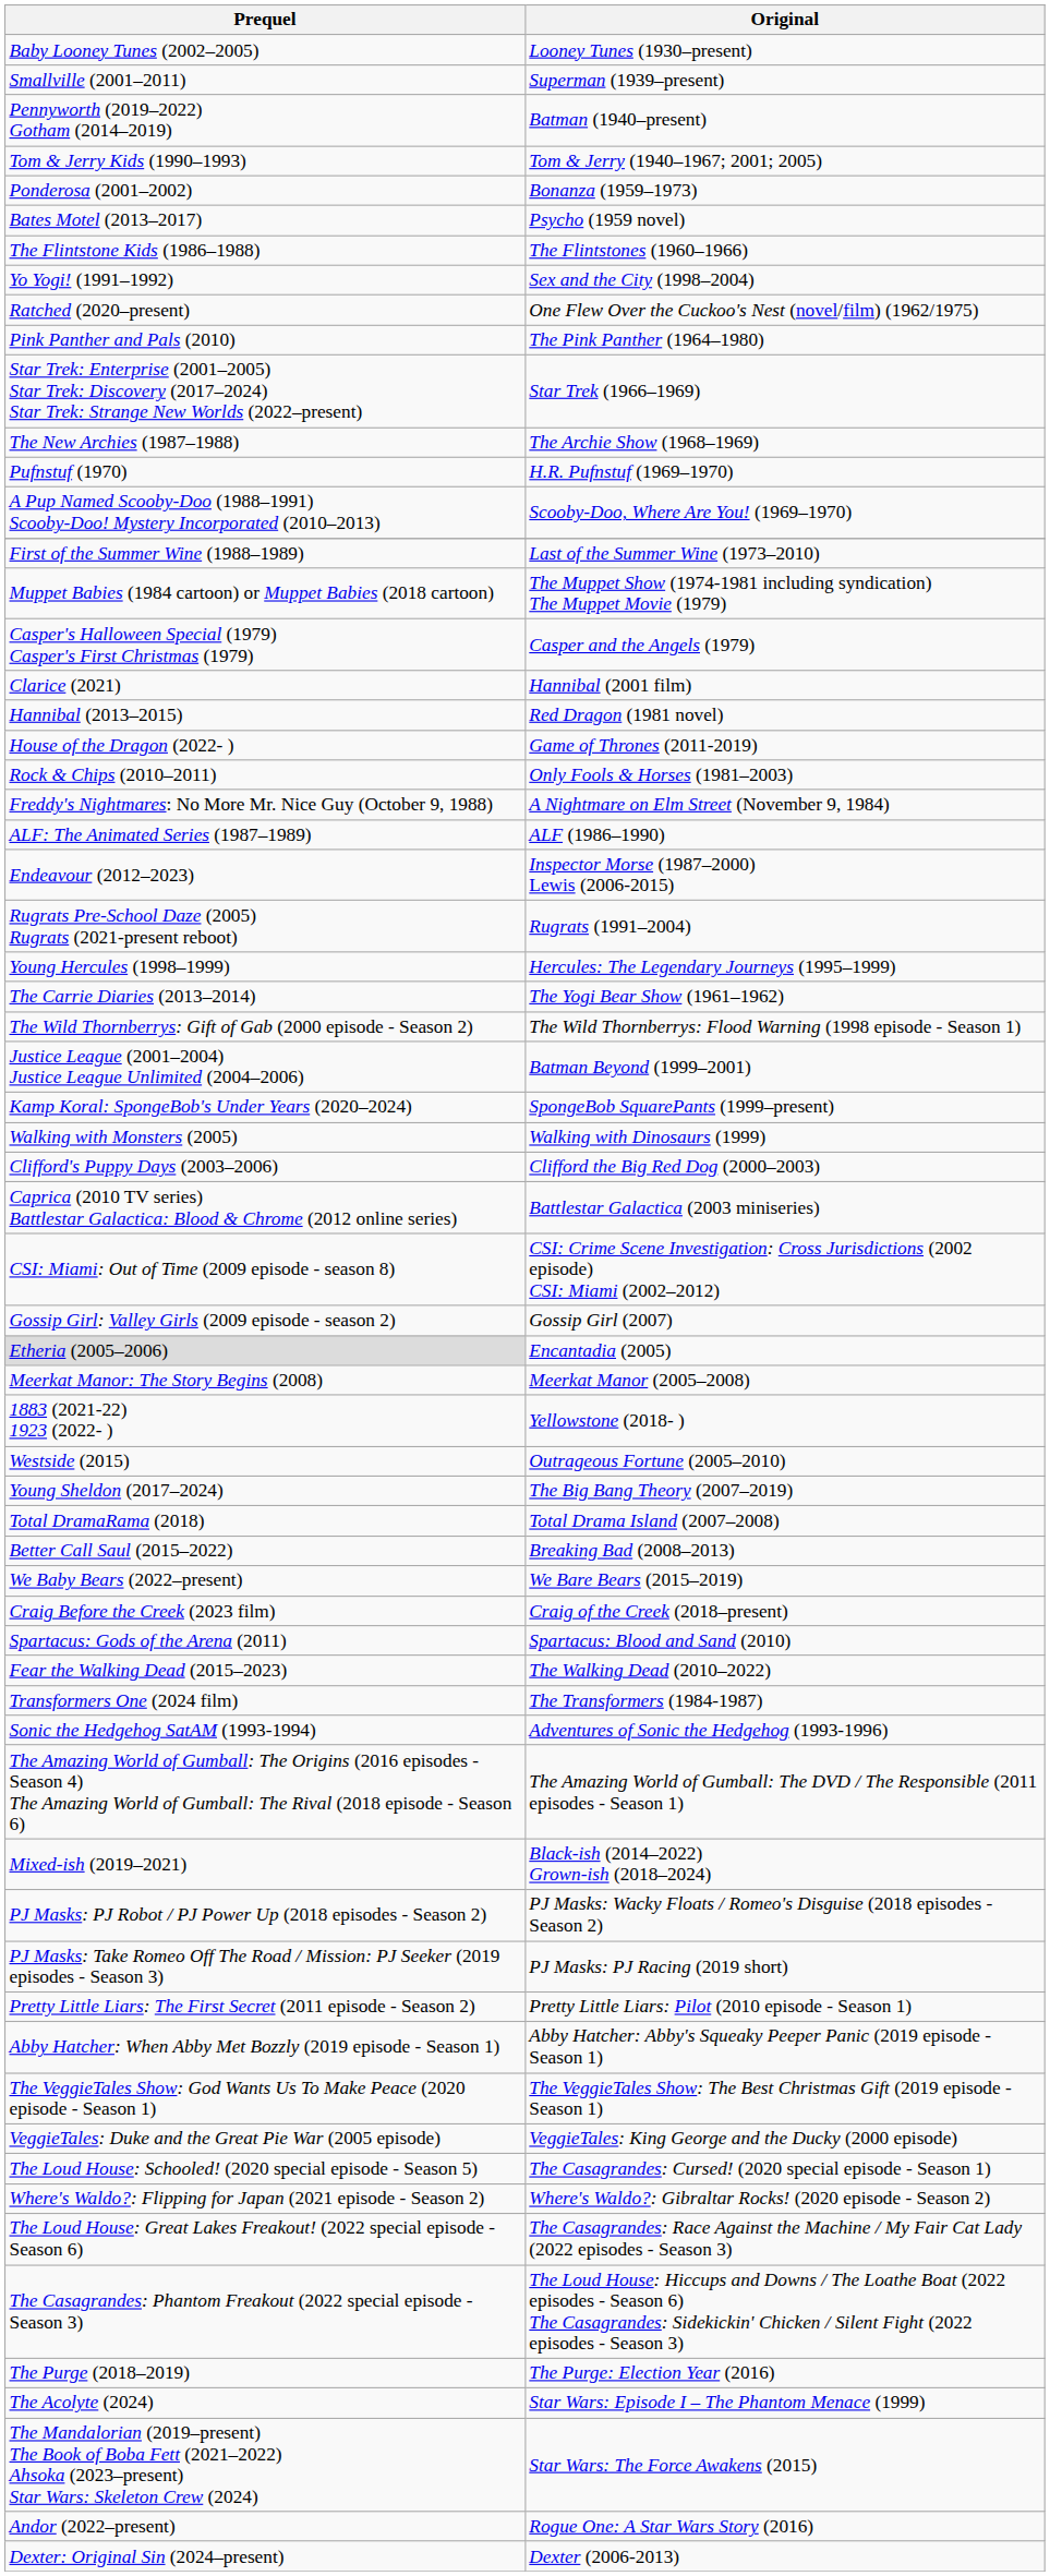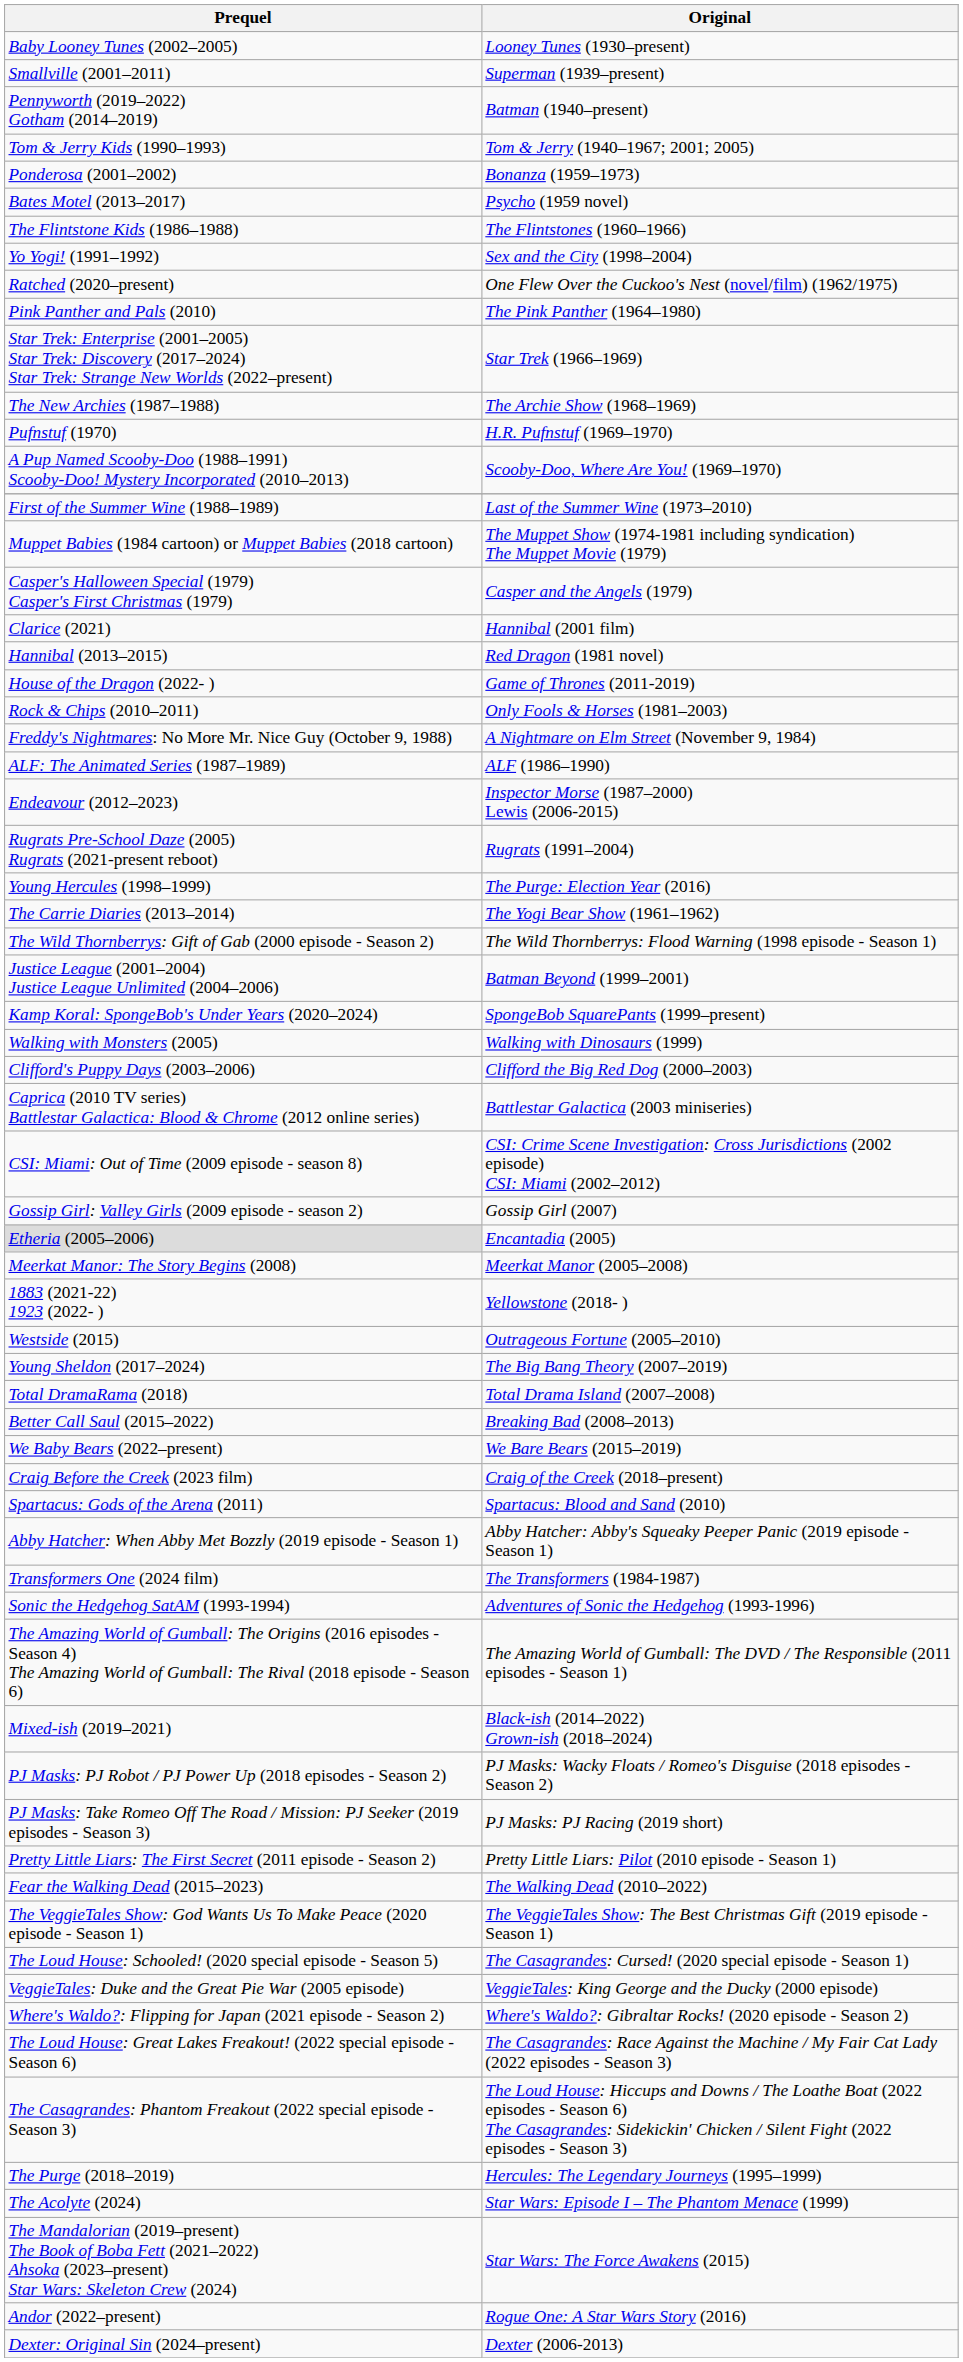 <table class="wikitable sortable" style="width:100%;">
 <tr>
 <th width="50%">Prequel</th>
 <th>Original</th>
 </tr>
 <tr>
 <td><em><a href='#'>Baby Looney Tunes</a></em> (2002–2005)</td>
 <td><em><a href='#'>Looney Tunes</a></em> (1930–present)</td>
 </tr>
 <tr>
 <td><em><a href='#'>Smallville</a></em> (2001–2011)</td>
 <td><em><a href='#'>Superman</a></em> (1939–present)</td>
 </tr>
 <tr>
 <td><em><a href='#'>Pennyworth</a></em> (2019–2022)  <br> <em><a href='#'>Gotham</a></em> (2014–2019)</td>
 <td><em><a href='#'>Batman</a></em> (1940–present)</td>
 </tr>
 <tr>
 <td><em><a href='#'>Tom & Jerry Kids</a></em> (1990–1993)</td>
 <td><em><a href='#'>Tom & Jerry</a></em> (1940–1967; 2001; 2005)</td>
 </tr>
 <tr>
 <td><em><a href='#'>Ponderosa</a></em> (2001–2002)</td>
 <td><em><a href='#'>Bonanza</a></em> (1959–1973)</td>
 </tr>
 <tr>
 <td><em><a href='#'>Bates Motel</a></em> (2013–2017)</td>
 <td><em><a href='#'>Psycho</a></em> (1959 novel)</td>
 </tr>
 <tr>
 <td><em><a href='#'>The Flintstone Kids</a></em> (1986–1988)</td>
 <td><em><a href='#'>The Flintstones</a></em> (1960–1966)</td>
 </tr>
 <tr>
 <td><em><a href='#'>Yo Yogi!</a></em> (1991–1992)</td>
 <td><em><a href='#'>Sex and the City</a></em> (1998–2004)</td>
 </tr>
 <tr>
 <td><em><a href='#'>Ratched</a></em> (2020–present)</td>
 <td><em>One Flew Over the Cuckoo's Nest</em> (<a href='#'>novel</a>/<a href='#'>film</a>) (1962/1975)</td>
 </tr>
 <tr>
 <td><em><a href='#'>Pink Panther and Pals</a></em> (2010)</td>
 <td><em><a href='#'>The Pink Panther</a></em> (1964–1980)</td>
 </tr>
 <tr>
 <td><em><a href='#'>Star Trek: Enterprise</a></em> (2001–2005) <br> <em><a href='#'>Star Trek: Discovery</a></em> (2017–2024) <br> <em><a href='#'>Star Trek: Strange New Worlds</a></em> (2022–present)</td>
 <td><em><a href='#'>Star Trek</a></em> (1966–1969)</td>
 </tr>
 <tr>
 <td><em><a href='#'>The New Archies</a></em> (1987–1988)</td>
 <td><em><a href='#'>The Archie Show</a></em> (1968–1969)</td>
 </tr>
 <tr>
 <td><em><a href='#'>Pufnstuf</a></em> (1970)</td>
 <td><em><a href='#'>H.R. Pufnstuf</a></em> (1969–1970)</td>
 </tr>
 <tr>
 <td><em><a href='#'>A Pup Named Scooby-Doo</a></em> (1988–1991) <br> <em><a href='#'>Scooby-Doo! Mystery Incorporated</a></em> (2010–2013)</td>
 <td><em><a href='#'>Scooby-Doo, Where Are You!</a></em> (1969–1970)</td>
 </tr>
 <tr |>
 </tr>
 <tr>
 <td><em><a href='#'>First of the Summer Wine</a></em> (1988–1989)</td>
 <td><em><a href='#'>Last of the Summer Wine</a></em> (1973–2010)</td>
 </tr>
 <tr>
 <td><em><a href='#'>Muppet Babies</a></em> (1984 cartoon) or <em><a href='#'>Muppet Babies</a></em> (2018 cartoon)</td>
 <td><em><a href='#'>The Muppet Show</a></em> (1974-1981 including syndication) <br> <em><a href='#'>The Muppet Movie</a></em> (1979)</td>
 </tr>
 <tr>
 <td><em><a href='#'>Casper's Halloween Special</a></em> (1979) <br> <em><a href='#'>Casper's First Christmas</a></em> (1979)</td>
 <td><em><a href='#'>Casper and the Angels</a></em> (1979)</td>
 </tr>
 <tr>
 <td><em><a href='#'>Clarice</a></em> (2021)</td>
 <td><em><a href='#'>Hannibal</a></em> (2001 film)</td>
 </tr>
 <tr>
 <td><em><a href='#'>Hannibal</a></em> (2013–2015)</td>
 <td><em><a href='#'>Red Dragon</a></em> (1981 novel)</td>
 </tr>
 <tr>
 <td><em><a href='#'>House of the Dragon</a></em> (2022- )</td>
 <td><em><a href='#'>Game of Thrones</a></em> (2011-2019)</td>
 </tr>
 <tr>
 <td><em><a href='#'>Rock & Chips</a></em> (2010–2011)</td>
 <td><em><a href='#'>Only Fools & Horses</a></em> (1981–2003)</td>
 </tr>
 <tr>
 <td><em><a href='#'>Freddy's Nightmares</a></em>: No More Mr. Nice Guy (October 9, 1988)</td>
 <td><em><a href='#'>A Nightmare on Elm Street</a></em> (November 9, 1984)</td>
 </tr>
 <tr>
 <td><em><a href='#'>ALF: The Animated Series</a></em> (1987–1989)</td>
 <td><em><a href='#'>ALF</a></em> (1986–1990)</td>
 </tr>
 <tr>
 <td><em><a href='#'>Endeavour</a></em> (2012–2023)</td>
 <td><em><a href='#'>Inspector Morse</a></em>  (1987–2000) <br> <a href='#'>Lewis</a> (2006-2015)</td>
 </tr>
 <tr>
 <td><em><a href='#'>Rugrats Pre-School Daze</a></em> (2005) <br> <em><a href='#'>Rugrats</a></em> (2021-present reboot)</td>
 <td><em><a href='#'>Rugrats</a></em> (1991–2004)</td>
 </tr>
 <tr>
 <td><em><a href='#'>Young Hercules</a></em> (1998–1999)</td>
-<td><em><a href='#'>Hercules: The Legendary Journeys</a></em> (1995–1999)</td>
+<td><em><a href='#'>The Purge: Election Year</a></em> (2016)</td>
 </tr>
 <tr>
 <td><em><a href='#'>The Carrie Diaries</a></em> (2013–2014)</td>
 <td><em><a href='#'>The Yogi Bear Show</a></em> (1961–1962)</td>
 </tr>
 <tr>
 <td><em><a href='#'>The Wild Thornberrys</a>: Gift of Gab</em> (2000 episode - Season 2)</td>
 <td><em>The Wild Thornberrys: Flood Warning</em> (1998 episode - Season 1)</td>
 </tr>
 <tr>
 <td><em><a href='#'>Justice League</a></em> (2001–2004) <br> <em><a href='#'>Justice League Unlimited</a></em> (2004–2006)</td>
 <td><em><a href='#'>Batman Beyond</a></em> (1999–2001)</td>
 </tr>
 <tr>
 <td><em><a href='#'>Kamp Koral: SpongeBob's Under Years</a></em> (2020–2024)</td>
 <td><em><a href='#'>SpongeBob SquarePants</a></em> (1999–present)</td>
 </tr>
 <tr>
 <td><em><a href='#'>Walking with Monsters</a></em> (2005)</td>
 <td><em><a href='#'>Walking with Dinosaurs</a></em> (1999)</td>
 </tr>
 <tr>
 <td><em><a href='#'>Clifford's Puppy Days</a></em> (2003–2006)</td>
 <td><em><a href='#'>Clifford the Big Red Dog</a></em> (2000–2003)</td>
 </tr>
 <tr>
 <td><em><a href='#'>Caprica</a></em> (2010 TV series)<br><em><a href='#'>Battlestar Galactica: Blood & Chrome</a></em> (2012 online series)</td>
 <td><em><a href='#'>Battlestar Galactica</a></em> (2003 miniseries)</td>
 </tr>
 <tr>
 <td><em><a href='#'>CSI: Miami</a>: Out of Time</em> (2009 episode - season 8)</td>
 <td><em><a href='#'>CSI: Crime Scene Investigation</a>: <a href='#'>Cross Jurisdictions</a></em> (2002 episode)<br><em><a href='#'>CSI: Miami</a></em> (2002–2012)</td>
 </tr>
 <tr>
 <td><em><a href='#'>Gossip Girl</a>: <a href='#'>Valley Girls</a></em> (2009 episode - season 2)</td>
 <td><em>Gossip Girl</em> (2007)</td>
 </tr>
 <tr>
 <td style="background-color:gainsboro"><em><a href='#'>Etheria</a></em> (2005–2006)</td>
 <td><em><a href='#'>Encantadia</a></em> (2005)</td>
 </tr>
 <tr>
 <td><em><a href='#'>Meerkat Manor: The Story Begins</a></em> (2008)</td>
 <td><em><a href='#'>Meerkat Manor</a></em> (2005–2008)</td>
 </tr>
 <tr>
 <td><em><a href='#'>1883</a></em> (2021-22)<br><em><a href='#'>1923</a></em> (2022- )</td>
 <td><em><a href='#'>Yellowstone</a></em> (2018- )</td>
 </tr>
 <tr>
 <td><em><a href='#'>Westside</a></em> (2015)</td>
 <td><em><a href='#'>Outrageous Fortune</a></em> (2005–2010)</td>
 </tr>
 <tr>
 <td><em><a href='#'>Young Sheldon</a></em> (2017–2024)</td>
 <td><em><a href='#'>The Big Bang Theory</a></em> (2007–2019)</td>
 </tr>
 <tr>
 <td><em><a href='#'>Total DramaRama</a></em> (2018)<br></td>
 <td><em><a href='#'>Total Drama Island</a></em> (2007–2008)</td>
 </tr>
 <tr>
 <td><em><a href='#'>Better Call Saul</a></em> (2015–2022)</td>
 <td><em><a href='#'>Breaking Bad</a></em> (2008–2013)</td>
 </tr>
 <tr>
 <td><em><a href='#'>We Baby Bears</a></em> (2022–present)</td>
 <td><em><a href='#'>We Bare Bears</a></em> (2015–2019)</td>
 </tr>
 <tr>
 <td><em><a href='#'>Craig Before the Creek</a></em> (2023 film)</td>
 <td><em><a href='#'>Craig of the Creek</a></em> (2018–present)</td>
 </tr>
 <tr>
 <td><em><a href='#'>Spartacus: Gods of the Arena</a></em> (2011)</td>
 <td><em><a href='#'>Spartacus: Blood and Sand</a></em> (2010)</td>
 </tr>
 <tr>
-<td><em><a href='#'>Fear the Walking Dead</a></em> (2015–2023)</td>
-<td><em><a href='#'>The Walking Dead</a></em> (2010–2022)</td>
+<td><em><a href='#'>Abby Hatcher</a>: When Abby Met Bozzly</em> (2019 episode - Season 1)</td>
+<td><em>Abby Hatcher: Abby's Squeaky Peeper Panic</em> (2019 episode - Season 1)</td>
 </tr>
 <tr>
 <td><em><a href='#'>Transformers One</a></em> (2024 film)</td>
 <td><em><a href='#'>The Transformers</a></em> (1984-1987)</td>
 </tr>
 <tr>
 <td><em><a href='#'>Sonic the Hedgehog SatAM</a></em> (1993-1994)</td>
 <td><em><a href='#'>Adventures of Sonic the Hedgehog</a></em> (1993-1996)</td>
 </tr>
 <tr>
 <td><em><a href='#'>The Amazing World of Gumball</a>: The Origins</em> (2016 episodes - Season 4) <br> <em>The Amazing World of Gumball: The Rival</em> (2018 episode - Season 6)</td>
 <td><em>The Amazing World of Gumball: The DVD / The Responsible</em> (2011 episodes - Season 1)</td>
 </tr>
 <tr>
 <td><em><a href='#'>Mixed-ish</a></em> (2019–2021)</td>
 <td><em><a href='#'>Black-ish</a></em> (2014–2022) <br> <em><a href='#'>Grown-ish</a></em> (2018–2024)</td>
 </tr>
 <tr>
 <td><em><a href='#'>PJ Masks</a>: PJ Robot / PJ Power Up</em> (2018 episodes - Season 2)</td>
 <td><em>PJ Masks: Wacky Floats / Romeo's Disguise</em> (2018 episodes - Season 2)</td>
 </tr>
 <tr>
 <td><em><a href='#'>PJ Masks</a>: Take Romeo Off The Road / Mission: PJ Seeker</em> (2019 episodes - Season 3)</td>
 <td><em>PJ Masks: PJ Racing</em> (2019 short)</td>
 </tr>
 <tr>
 <td><em><a href='#'>Pretty Little Liars</a>: <a href='#'>The First Secret</a></em> (2011 episode - Season 2)</td>
 <td><em>Pretty Little Liars: <a href='#'>Pilot</a></em> (2010 episode - Season 1)</td>
 </tr>
 <tr>
-<td><em><a href='#'>Abby Hatcher</a>: When Abby Met Bozzly</em> (2019 episode - Season 1)</td>
-<td><em>Abby Hatcher: Abby's Squeaky Peeper Panic</em> (2019 episode - Season 1)</td>
+<td><em><a href='#'>Fear the Walking Dead</a></em> (2015–2023)</td>
+<td><em><a href='#'>The Walking Dead</a></em> (2010–2022)</td>
 </tr>
 <tr>
 <td><em><a href='#'>The VeggieTales Show</a>: God Wants Us To Make Peace</em> (2020 episode - Season 1)</td>
 <td><em><a href='#'>The VeggieTales Show</a>: The Best Christmas Gift</em> (2019 episode - Season 1)</td>
 </tr>
 <tr>
+<td><em><a href='#'>The Loud House</a>: Schooled!</em> (2020 special episode - Season 5)</td>
+<td><em><a href='#'>The Casagrandes</a>: Cursed!</em> (2020 special episode - Season 1)</td>
+</tr>
+<tr>
 <td><em><a href='#'>VeggieTales</a>: Duke and the Great Pie War</em> (2005 episode)</td>
 <td><em><a href='#'>VeggieTales</a>: King George and the Ducky</em> (2000 episode)</td>
-</tr>
-<tr>
-<td><em><a href='#'>The Loud House</a>: Schooled!</em> (2020 special episode - Season 5)</td>
-<td><em><a href='#'>The Casagrandes</a>: Cursed!</em> (2020 special episode - Season 1)</td>
 </tr>
 <tr>
 <td><em><a href='#'>Where's Waldo?</a>: Flipping for Japan</em> (2021 episode - Season 2)</td>
 <td><em><a href='#'>Where's Waldo?</a>: Gibraltar Rocks!</em> (2020 episode - Season 2)</td>
 </tr>
 <tr>
 <td><em><a href='#'>The Loud House</a>: Great Lakes Freakout!</em> (2022 special episode - Season 6)</td>
 <td><em><a href='#'>The Casagrandes</a>: Race Against the Machine / My Fair Cat Lady</em> (2022 episodes - Season 3)</td>
 </tr>
 <tr>
 <td><em><a href='#'>The Casagrandes</a>: Phantom Freakout</em> (2022 special episode - Season 3)</td>
 <td><em><a href='#'>The Loud House</a>: Hiccups and Downs / The Loathe Boat</em> (2022 episodes - Season 6) <br> <em><a href='#'>The Casagrandes</a>: Sidekickin' Chicken / Silent Fight</em> (2022 episodes - Season 3)</td>
 </tr>
 <tr>
 <td><em><a href='#'>The Purge</a></em> (2018–2019)</td>
-<td><em><a href='#'>The Purge: Election Year</a></em> (2016)</td>
+<td><em><a href='#'>Hercules: The Legendary Journeys</a></em> (1995–1999)</td>
 </tr>
 <tr>
 <td><em><a href='#'>The Acolyte</a></em> (2024)</td>
 <td><em><a href='#'>Star Wars: Episode I – The Phantom Menace</a></em> (1999)</td>
 </tr>
 <tr>
 <td><em><a href='#'>The Mandalorian</a></em> (2019–present) <br> <em><a href='#'>The Book of Boba Fett</a></em> (2021–2022) <br> <em><a href='#'>Ahsoka</a></em> (2023–present) <br> <em><a href='#'>Star Wars: Skeleton Crew</a></em> (2024)</td>
 <td><em><a href='#'>Star Wars: The Force Awakens</a></em> (2015)</td>
 </tr>
 <tr>
 <td><em><a href='#'>Andor</a></em> (2022–present)</td>
 <td><em><a href='#'>Rogue One: A Star Wars Story</a></em> (2016)</td>
 </tr>
 <tr>
 <td><em><a href='#'>Dexter: Original Sin</a></em> (2024–present)</td>
 <td><em><a href='#'>Dexter</a></em> (2006-2013)</td>
 </tr>
 </table>
